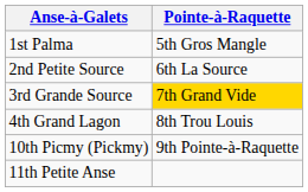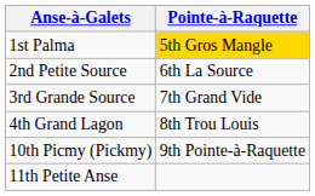 <table class="wikitable">
 <tr>
 <th><a href='#'>Anse-à-Galets</a></th>
 <th><a href='#'>Pointe-à-Raquette</a></th>
 </tr>
 <tr>
 <td>1st Palma</td>
-<td>5th Gros Mangle</td>
+<td style="background: gold;">5th Gros Mangle</td>
 </tr>
 <tr>
 <td>2nd Petite Source</td>
 <td>6th La Source</td>
 </tr>
 <tr>
 <td>3rd Grande Source</td>
-<td style="background: gold;">7th Grand Vide</td>
+<td>7th Grand Vide</td>
 </tr>
 <tr>
 <td>4th Grand Lagon</td>
 <td>8th Trou Louis</td>
 </tr>
 <tr>
 <td>10th Picmy (Pickmy)</td>
 <td>9th Pointe-à-Raquette</td>
 </tr>
 <tr>
 <td>11th Petite Anse</td>
 <td></td>
 </tr>
 </table>
